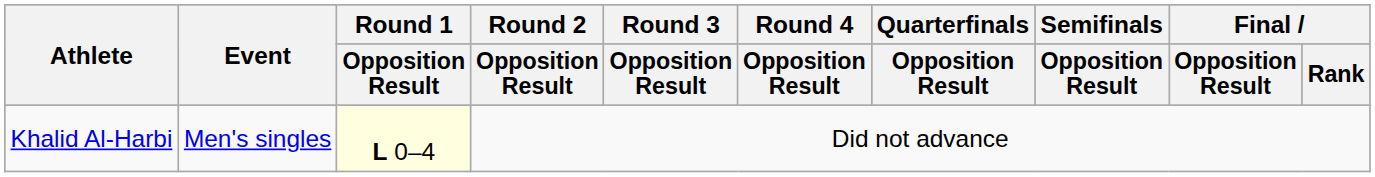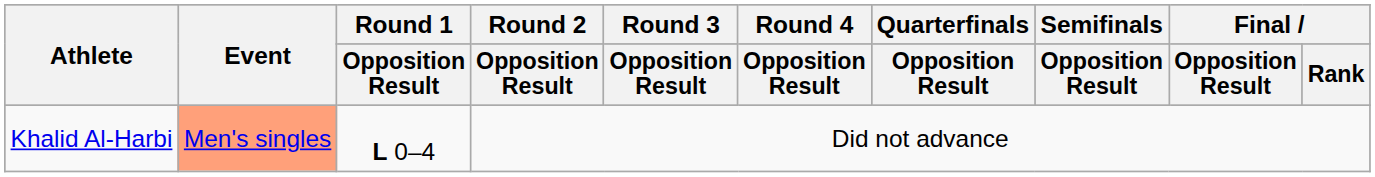 <table class="wikitable" style="font-size:90%">
 <tr>
 <th rowspan="2">Athlete</th>
 <th rowspan="2">Event</th>
 <th>Round 1</th>
 <th>Round 2</th>
 <th>Round 3</th>
 <th>Round 4</th>
 <th>Quarterfinals</th>
 <th>Semifinals</th>
 <th colspan=2>Final / </th>
 </tr>
 <tr style="font-size:95%">
 <th>Opposition<br>Result</th>
 <th>Opposition<br>Result</th>
 <th>Opposition<br>Result</th>
 <th>Opposition<br>Result</th>
 <th>Opposition<br>Result</th>
 <th>Opposition<br>Result</th>
 <th>Opposition<br>Result</th>
 <th>Rank</th>
 </tr>
 <tr align=center>
 <td align=left><a href='#'>Khalid Al-Harbi</a></td>
-<td align=left><a href='#'>Men's singles</a></td>
-<td style="background: lightyellow;"><br><strong>L</strong> 0–4</td>
+<td align=left style="background: lightsalmon;"><a href='#'>Men's singles</a></td>
+<td><br><strong>L</strong> 0–4</td>
 <td colspan=7>Did not advance</td>
 </tr>
 </table>
